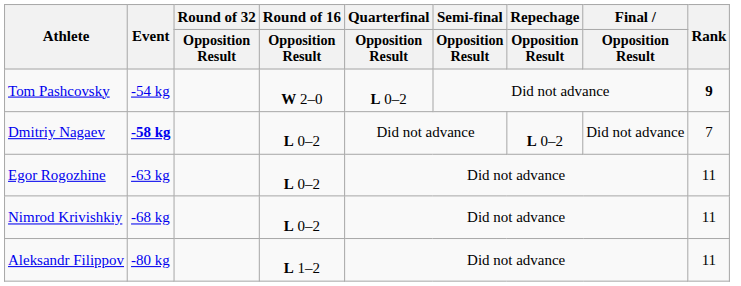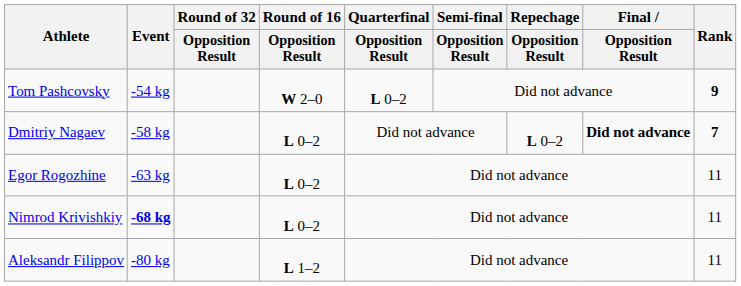 <table class=wikitable style=font-size:90%;text-align:center>
 <tr>
 <th rowspan=2>Athlete</th>
 <th rowspan=2>Event</th>
 <th>Round of 32</th>
 <th>Round of 16</th>
 <th>Quarterfinal</th>
 <th>Semi-final</th>
 <th>Repechage</th>
 <th>Final / </th>
 <th rowspan=2>Rank</th>
 </tr>
 <tr style=font-size:95%>
 <th>Opposition<br>Result</th>
 <th>Opposition<br>Result</th>
 <th>Opposition<br>Result</th>
 <th>Opposition<br>Result</th>
 <th>Opposition<br>Result</th>
 <th>Opposition<br>Result</th>
 </tr>
 <tr>
 <td align=left><a href='#'>Tom Pashcovsky</a></td>
 <td align=left><a href='#'>-54 kg</a></td>
 <td></td>
 <td><br><strong>W</strong> 2–0</td>
 <td><br><strong>L</strong> 0–2</td>
 <td colspan=3>Did not advance</td>
 <td><strong>9</strong></td>
 </tr>
 <tr>
 <td align=left><a href='#'>Dmitriy Nagaev</a></td>
-<td align=left><strong><a href='#'>-58 kg</a></strong></td>
+<td align=left><a href='#'>-58 kg</a></td>
 <td></td>
 <td><br><strong>L</strong> 0–2</td>
 <td colspan=2>Did not advance</td>
 <td><br><strong>L</strong> 0–2</td>
-<td>Did not advance</td>
-<td>7</td>
+<td><strong>Did not advance</strong></td>
+<td><strong>7</strong></td>
 </tr>
 <tr>
 <td align=left><a href='#'>Egor Rogozhine</a></td>
 <td align=left><a href='#'>-63 kg</a></td>
 <td></td>
 <td><br><strong>L</strong> 0–2</td>
 <td colspan=4>Did not advance</td>
 <td>11</td>
 </tr>
 <tr>
 <td align=left><a href='#'>Nimrod Krivishkiy</a></td>
-<td align=left><a href='#'>-68 kg</a></td>
+<td align=left><strong><a href='#'>-68 kg</a></strong></td>
 <td></td>
 <td><br><strong>L</strong> 0–2</td>
 <td colspan=4>Did not advance</td>
 <td>11</td>
 </tr>
 <tr>
 <td align=left><a href='#'>Aleksandr Filippov</a></td>
 <td align=left><a href='#'>-80 kg</a></td>
 <td></td>
 <td><br><strong>L</strong> 1–2</td>
 <td colspan=4>Did not advance</td>
 <td>11</td>
 </tr>
 </table>
